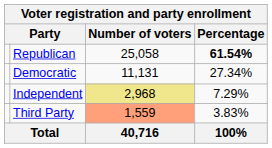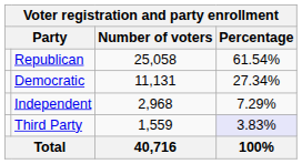 <table class="wikitable float">
 <tr>
 <th colspan = 6>Voter registration and party enrollment</th>
 </tr>
 <tr>
 <th colspan = 2>Party</th>
 <th>Number of voters</th>
 <th>Percentage</th>
 </tr>
 <tr>
 <td></td>
 <td><a href='#'>Republican</a></td>
 <td style="text-align:center;">25,058</td>
-<td style="text-align:center;"><strong>61.54%</strong></td>
+<td style="text-align:center;">61.54%</td>
 </tr>
 <tr>
 <td></td>
 <td><a href='#'>Democratic</a></td>
 <td style="text-align:center;">11,131</td>
 <td style="text-align:center;">27.34%</td>
 </tr>
 <tr>
 <td></td>
 <td><a href='#'>Independent</a></td>
-<td style="background: khaki; text-align:center;">2,968</td>
+<td style="text-align:center;">2,968</td>
 <td style="text-align:center;">7.29%</td>
 </tr>
 <tr>
 <td></td>
 <td><a href='#'>Third Party</a></td>
-<td style="background: lightsalmon; text-align:center;">1,559</td>
-<td style="text-align:center;">3.83%</td>
+<td style="text-align:center;">1,559</td>
+<td style="background: lavender; text-align:center;">3.83%</td>
 </tr>
 <tr>
 <th colspan="2">Total</th>
 <th style="text-align:center;">40,716</th>
 <th style="text-align:center;">100%</th>
 </tr>
 </table>
